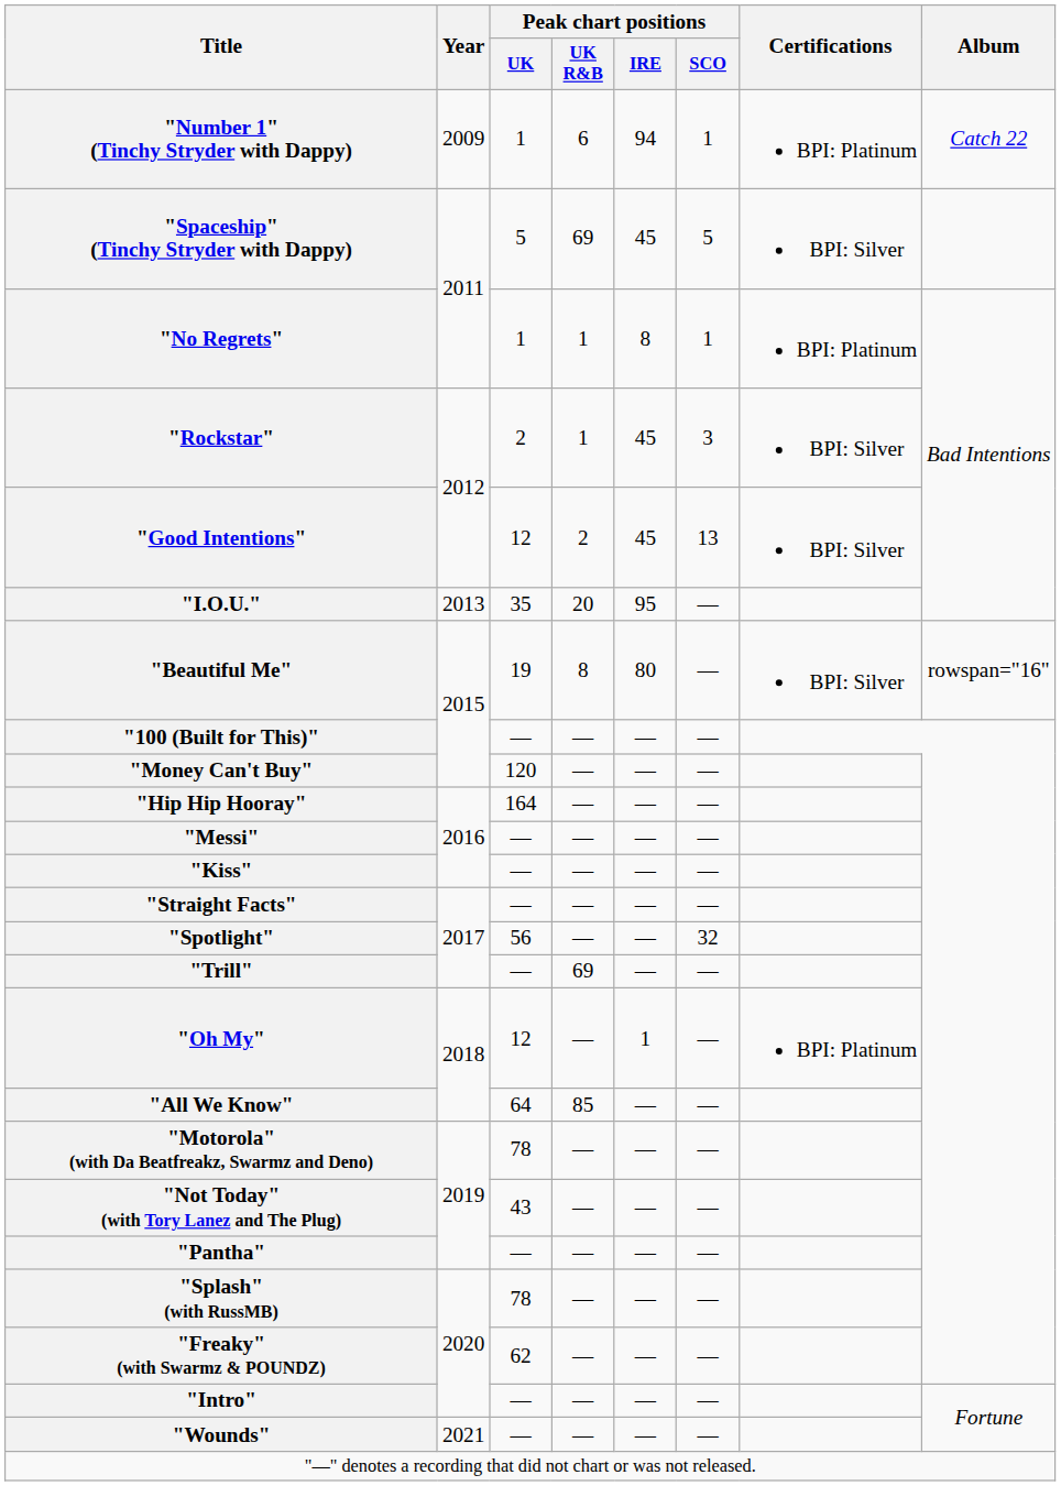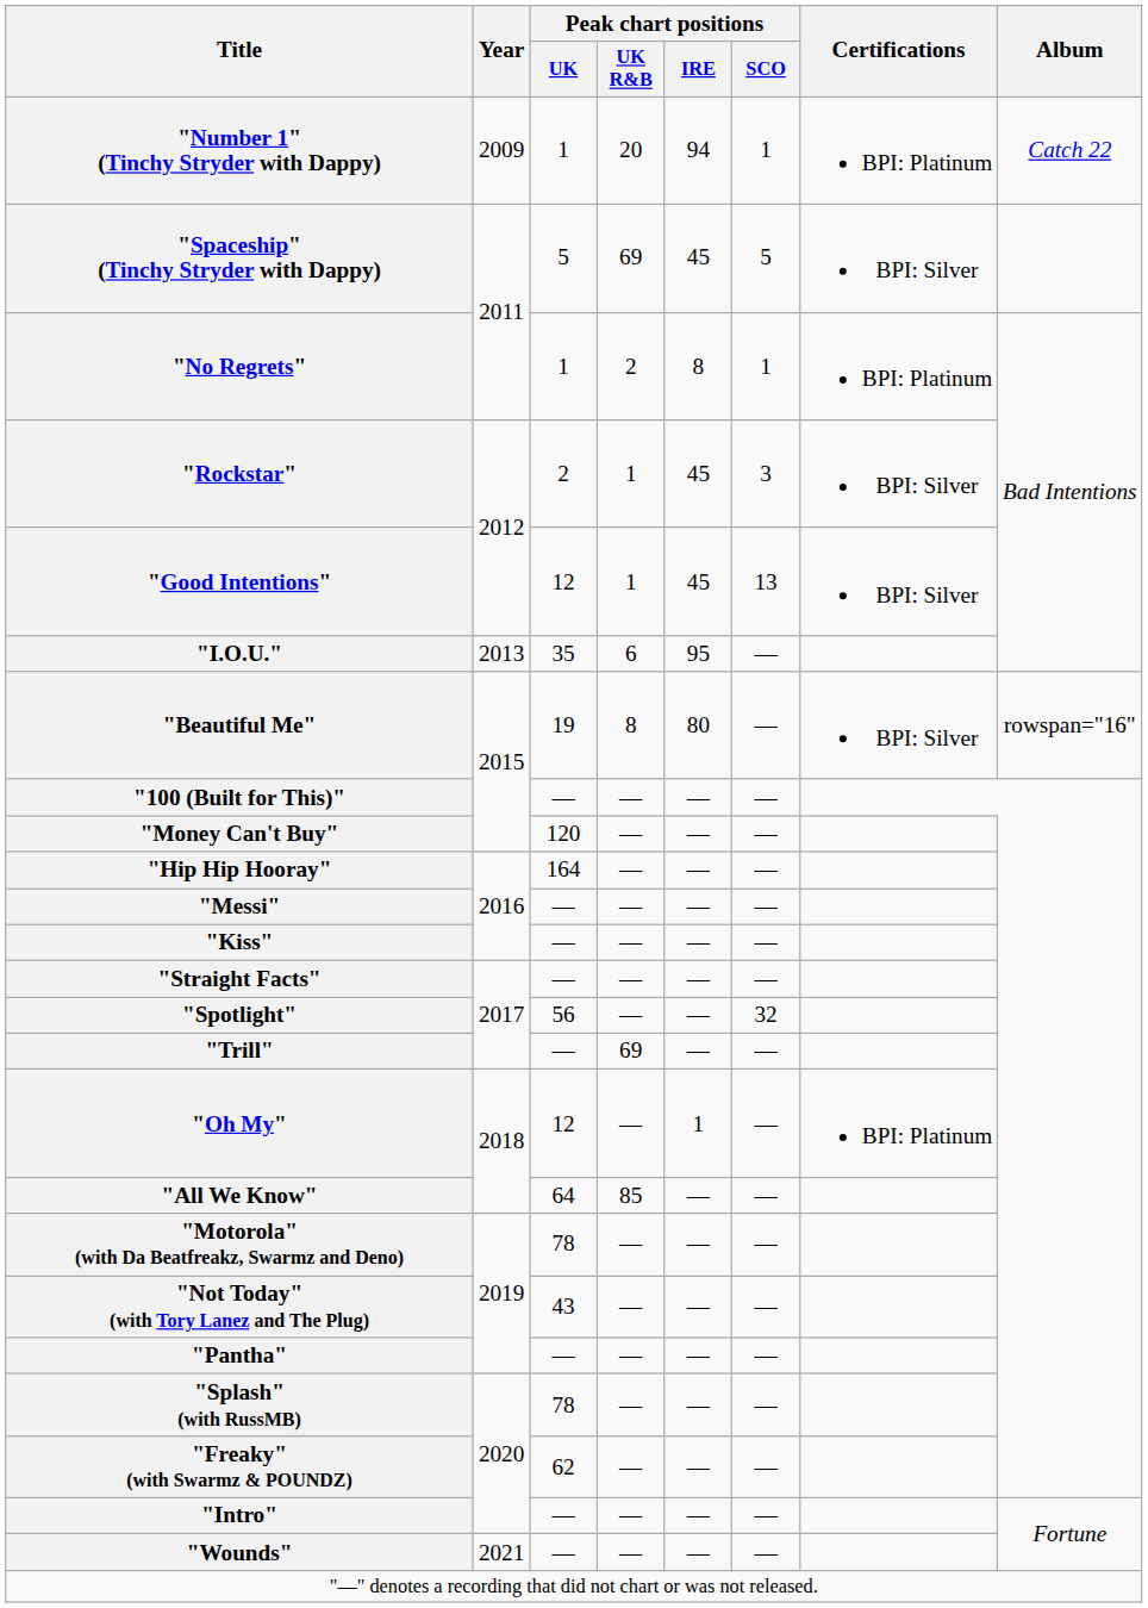 <table class="wikitable plainrowheaders" style="text-align:center;">
 <tr>
 <th scope="col" rowspan="2" style="width:20em;">Title</th>
 <th scope="col" rowspan="2" style="width:1em;">Year</th>
 <th scope="col" colspan="4">Peak chart positions</th>
 <th scope="col" rowspan="2">Certifications</th>
 <th scope="col" rowspan="2">Album</th>
 </tr>
 <tr>
 <th scope="col" style="width:3em;font-size:85%;"><a href='#'>UK</a><br></th>
 <th scope="col" style="width:3em;font-size:85%;"><a href='#'>UK R&B</a><br></th>
 <th scope="col" style="width:3em;font-size:85%;"><a href='#'>IRE</a><br></th>
 <th scope="col" style="width:3em;font-size:85%;"><a href='#'>SCO</a><br></th>
 </tr>
 <tr>
 <th scope="row">"<a href='#'>Number 1</a>"<br><span>(<a href='#'>Tinchy Stryder</a> with Dappy)</span></th>
 <td>2009</td>
 <td>1</td>
-<td>6</td>
+<td>20</td>
 <td>94</td>
 <td>1</td>
 <td><br><ul><li>BPI: Platinum</li></ul></td>
 <td><em><a href='#'>Catch 22</a></em></td>
 </tr>
 <tr>
 <th scope="row">"<a href='#'>Spaceship</a>"<br><span>(<a href='#'>Tinchy Stryder</a> with Dappy)</span></th>
 <td rowspan="2">2011</td>
 <td>5</td>
 <td>69</td>
 <td>45</td>
 <td>5</td>
 <td><br><ul><li>BPI: Silver</li></ul></td>
 <td></td>
 </tr>
 <tr>
 <th scope="row">"<a href='#'>No Regrets</a>"</th>
 <td>1</td>
-<td>1</td>
+<td>2</td>
 <td>8</td>
 <td>1</td>
 <td><br><ul><li>BPI: Platinum</li></ul></td>
 <td rowspan="4"><em>Bad Intentions</em></td>
 </tr>
 <tr>
 <th scope="row">"<a href='#'>Rockstar</a>"</th>
 <td rowspan="2">2012</td>
 <td>2</td>
 <td>1</td>
 <td>45</td>
 <td>3</td>
 <td><br><ul><li>BPI: Silver</li></ul></td>
 </tr>
 <tr>
 <th scope="row">"<a href='#'>Good Intentions</a>"</th>
 <td>12</td>
-<td>2</td>
+<td>1</td>
 <td>45</td>
 <td>13</td>
 <td><br><ul><li>BPI: Silver</li></ul></td>
 </tr>
 <tr>
 <th scope="row">"I.O.U."</th>
 <td>2013</td>
 <td>35</td>
-<td>20</td>
+<td>6</td>
 <td>95</td>
 <td>—</td>
 <td></td>
 </tr>
 <tr>
 <th scope="row">"Beautiful Me"</th>
 <td rowspan="3">2015</td>
 <td>19</td>
 <td>8</td>
 <td>80</td>
 <td>—</td>
 <td><br><ul><li>BPI: Silver</li></ul></td>
 <td>rowspan="16" </td>
 </tr>
 <tr>
 <th scope="row">"100 (Built for This)"</th>
 <td>—</td>
 <td>—</td>
 <td>—</td>
 <td>—</td>
 </tr>
 <tr>
 <th scope="row">"Money Can't Buy"</th>
 <td>120</td>
 <td>—</td>
 <td>—</td>
 <td>—</td>
 <td></td>
 </tr>
 <tr>
 <th scope="row">"Hip Hip Hooray"</th>
 <td rowspan="3">2016</td>
 <td>164</td>
 <td>—</td>
 <td>—</td>
 <td>—</td>
 <td></td>
 </tr>
 <tr>
 <th scope="row">"Messi"</th>
 <td>—</td>
 <td>—</td>
 <td>—</td>
 <td>—</td>
 <td></td>
 </tr>
 <tr>
 <th scope="row">"Kiss"</th>
 <td>—</td>
 <td>—</td>
 <td>—</td>
 <td>—</td>
 <td></td>
 </tr>
 <tr>
 <th scope="row">"Straight Facts"</th>
 <td rowspan="3">2017</td>
 <td>—</td>
 <td>—</td>
 <td>—</td>
 <td>—</td>
 <td></td>
 </tr>
 <tr>
 <th scope="row">"Spotlight"</th>
 <td>56</td>
 <td>—</td>
 <td>—</td>
 <td>32</td>
 <td></td>
 </tr>
 <tr>
 <th scope="row">"Trill"</th>
 <td>—</td>
 <td>69</td>
 <td>—</td>
 <td>—</td>
 <td></td>
 </tr>
 <tr>
 <th scope="row">"<a href='#'>Oh My</a>"<br></th>
 <td rowspan="2">2018</td>
 <td>12</td>
 <td>—</td>
 <td>1</td>
 <td>—</td>
 <td><br><ul><li>BPI: Platinum</li></ul></td>
 </tr>
 <tr>
 <th scope="row">"All We Know"</th>
 <td>64</td>
 <td>85</td>
 <td>—</td>
 <td>—</td>
 <td></td>
 </tr>
 <tr>
 <th scope="row">"Motorola"<br><small>(with Da Beatfreakz, Swarmz and Deno)</small></th>
 <td rowspan="3">2019</td>
 <td>78</td>
 <td>—</td>
 <td>—</td>
 <td>—</td>
 <td></td>
 </tr>
 <tr>
 <th scope="row">"Not Today"<br><small> (with <a href='#'>Tory Lanez</a> and The Plug)</small></th>
 <td>43</td>
 <td>—</td>
 <td>—</td>
 <td>—</td>
 <td></td>
 </tr>
 <tr>
 <th scope="row">"Pantha"</th>
 <td>—</td>
 <td>—</td>
 <td>—</td>
 <td>—</td>
 <td></td>
 </tr>
 <tr>
 <th scope="row">"Splash"<br><small>(with RussMB)</small></th>
 <td rowspan="3">2020</td>
 <td>78</td>
 <td>—</td>
 <td>—</td>
 <td>—</td>
 <td></td>
 </tr>
 <tr>
 <th scope="row">"Freaky"<br><small>(with Swarmz & POUNDZ)</small></th>
 <td>62</td>
 <td>—</td>
 <td>—</td>
 <td>—</td>
 <td></td>
 </tr>
 <tr>
 <th scope="row">"Intro"</th>
 <td>—</td>
 <td>—</td>
 <td>—</td>
 <td>—</td>
 <td></td>
 <td rowspan="2"><em>Fortune</em></td>
 </tr>
 <tr>
 <th scope="row">"Wounds"</th>
 <td>2021</td>
 <td>—</td>
 <td>—</td>
 <td>—</td>
 <td>—</td>
 <td></td>
 </tr>
 <tr>
 <td colspan="12" style="font-size:85%">"—" denotes a recording that did not chart or was not released.</td>
 </tr>
 </table>
